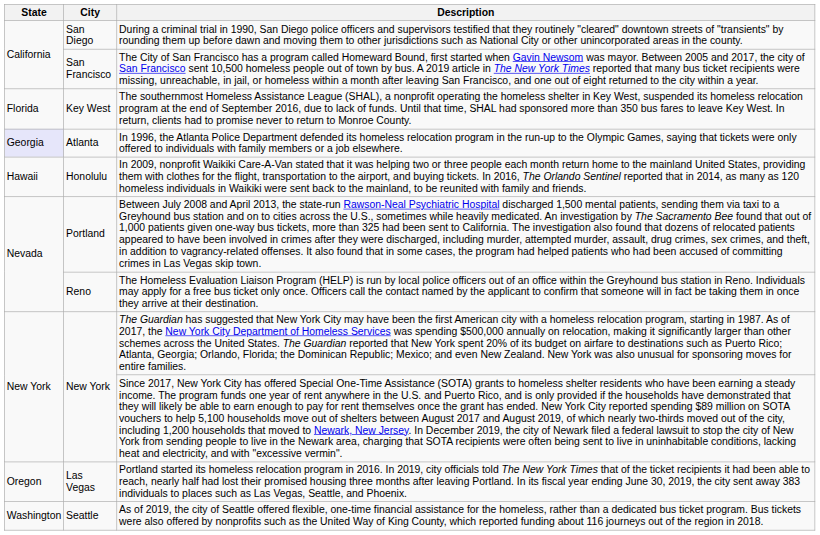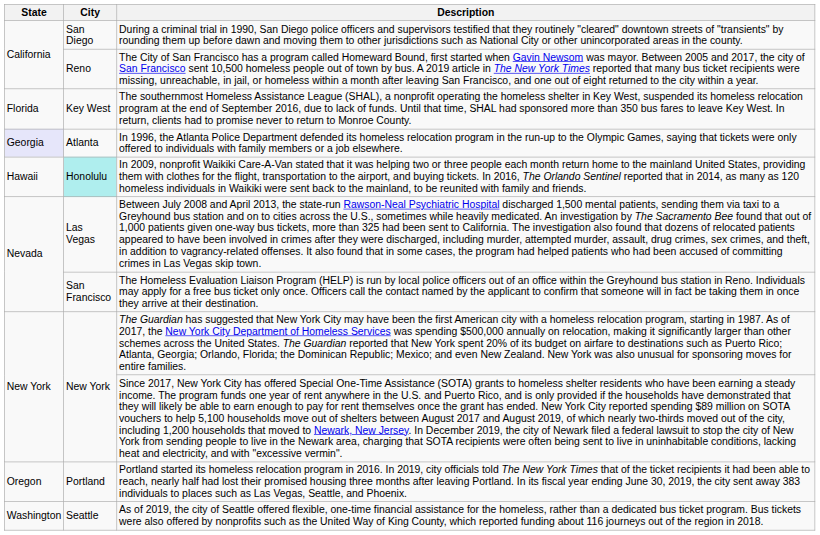 <table class="wikitable">
 <tr>
 <th>State</th>
 <th>City</th>
 <th>Description</th>
 </tr>
 <tr>
 <td rowspan="2">California</td>
 <td>San Diego</td>
 <td>During a criminal trial in 1990, San Diego police officers and supervisors testified that they routinely "cleared" downtown streets of "transients" by rounding them up before dawn and moving them to other jurisdictions such as National City or other unincorporated areas in the county.</td>
 </tr>
 <tr>
-<td>San Francisco</td>
+<td>Reno</td>
 <td>The City of San Francisco has a program called Homeward Bound, first started when <a href='#'>Gavin Newsom</a> was mayor. Between 2005 and 2017, the city of <a href='#'>San Francisco</a> sent 10,500 homeless people out of town by bus. A 2019 article in <em><a href='#'>The New York Times</a></em> reported that many bus ticket recipients were missing, unreachable, in jail, or homeless within a month after leaving San Francisco, and one out of eight returned to the city within a year.</td>
 </tr>
 <tr>
 <td>Florida</td>
 <td>Key West</td>
 <td>The southernmost Homeless Assistance League (SHAL), a nonprofit operating the homeless shelter in Key West, suspended its homeless relocation program at the end of September 2016, due to lack of funds. Until that time, SHAL had sponsored more than 350 bus fares to leave Key West. In return, clients had to promise never to return to Monroe County.</td>
 </tr>
 <tr>
 <td style="background: lavender;">Georgia</td>
 <td>Atlanta</td>
 <td>In 1996, the Atlanta Police Department defended its homeless relocation program in the run-up to the Olympic Games, saying that tickets were only offered to individuals with family members or a job elsewhere.</td>
 </tr>
 <tr>
 <td>Hawaii</td>
-<td>Honolulu</td>
+<td style="background: paleturquoise;">Honolulu</td>
 <td>In 2009, nonprofit Waikiki Care-A-Van stated that it was helping two or three people each month return home to the mainland United States, providing them with clothes for the flight, transportation to the airport, and buying tickets. In 2016, <em>The Orlando Sentinel</em> reported that in 2014, as many as 120 homeless individuals in Waikiki were sent back to the mainland, to be reunited with family and friends.</td>
 </tr>
 <tr>
 <td rowspan="2">Nevada</td>
-<td>Portland</td>
+<td>Las Vegas</td>
 <td>Between July 2008 and April 2013, the state-run <a href='#'>Rawson-Neal Psychiatric Hospital</a> discharged 1,500 mental patients, sending them via taxi to a Greyhound bus station and on to cities across the U.S., sometimes while heavily medicated. An investigation by <em>The Sacramento Bee</em> found that out of 1,000 patients given one-way bus tickets, more than 325 had been sent to California. The investigation also found that dozens of relocated patients appeared to have been involved in crimes after they were discharged, including murder, attempted murder, assault, drug crimes, sex crimes, and theft, in addition to vagrancy-related offenses. It also found that in some cases, the program had helped patients who had been accused of committing crimes in Las Vegas skip town.</td>
 </tr>
 <tr>
-<td>Reno</td>
+<td>San Francisco</td>
 <td>The Homeless Evaluation Liaison Program (HELP) is run by local police officers out of an office within the Greyhound bus station in Reno. Individuals may apply for a free bus ticket only once. Officers call the contact named by the applicant to confirm that someone will in fact be taking them in once they arrive at their destination.</td>
 </tr>
 <tr>
 <td rowspan="2">New York</td>
 <td rowspan="2">New York</td>
 <td><em>The Guardian</em> has suggested that New York City may have been the first American city with a homeless relocation program, starting in 1987. As of 2017, the <a href='#'>New York City Department of Homeless Services</a> was spending $500,000 annually on relocation, making it significantly larger than other schemes across the United States. <em>The Guardian</em> reported that New York spent 20% of its budget on airfare to destinations such as Puerto Rico; Atlanta, Georgia; Orlando, Florida; the Dominican Republic; Mexico; and even New Zealand. New York was also unusual for sponsoring moves for entire families.</td>
 </tr>
 <tr>
 <td>Since 2017, New York City has offered Special One-Time Assistance (SOTA) grants to homeless shelter residents who have been earning a steady income. The program funds one year of rent anywhere in the U.S. and Puerto Rico, and is only provided if the households have demonstrated that they will likely be able to earn enough to pay for rent themselves once the grant has ended. New York City reported spending $89 million on SOTA vouchers to help 5,100 households move out of shelters between August 2017 and August 2019, of which nearly two-thirds moved out of the city, including 1,200 households that moved to <a href='#'>Newark, New Jersey</a>. In December 2019, the city of Newark filed a federal lawsuit to stop the city of New York from sending people to live in the Newark area, charging that SOTA recipients were often being sent to live in uninhabitable conditions, lacking heat and electricity, and with "excessive vermin".</td>
 </tr>
 <tr>
 <td>Oregon</td>
-<td>Las Vegas</td>
+<td>Portland</td>
 <td>Portland started its homeless relocation program in 2016. In 2019, city officials told <em>The New York Times</em> that of the ticket recipients it had been able to reach, nearly half had lost their promised housing three months after leaving Portland. In its fiscal year ending June 30, 2019, the city sent away 383 individuals to places such as Las Vegas, Seattle, and Phoenix.</td>
 </tr>
 <tr>
 <td>Washington</td>
 <td>Seattle</td>
 <td>As of 2019, the city of Seattle offered flexible, one-time financial assistance for the homeless, rather than a dedicated bus ticket program. Bus tickets were also offered by nonprofits such as the United Way of King County, which reported funding about 116 journeys out of the region in 2018.</td>
 </tr>
 </table>
